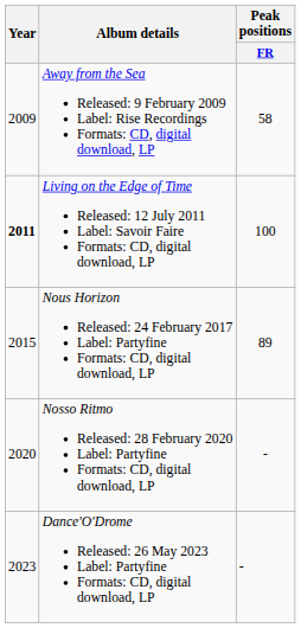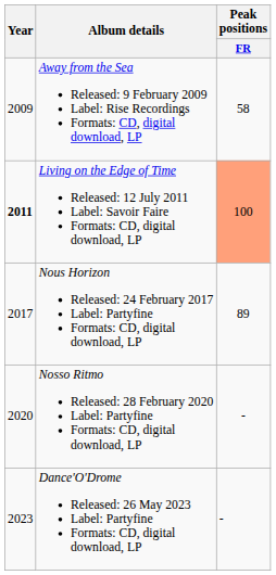 <table class="wikitable">
 <tr>
 <th align="center" rowspan="2" width="10">Year</th>
 <th align="center" rowspan="2" width="220">Album details</th>
 <th align="center" colspan="1" width="20">Peak positions</th>
 </tr>
 <tr>
 <th scope="col" style="width:3em;font-size:90%;"><a href='#'>FR</a><br></th>
 </tr>
 <tr>
 <td>2009</td>
 <td><em><a href='#'>Away from the Sea</a></em><br><ul><li>Released: 9 February 2009</li><li>Label: Rise Recordings</li><li>Formats: <a href='#'>CD</a>, <a href='#'>digital download</a>, <a href='#'>LP</a></li></ul></td>
 <td style="text-align:center;">58</td>
 </tr>
 <tr>
 <td><strong>2011</strong></td>
 <td><em><a href='#'>Living on the Edge of Time</a></em><br><ul><li>Released: 12 July 2011</li><li>Label: Savoir Faire</li><li>Formats: CD, digital download, LP</li></ul></td>
-<td style="text-align:center;">100</td>
+<td style="background: lightsalmon; text-align:center;">100</td>
 </tr>
 <tr>
-<td>2015</td>
+<td>2017</td>
 <td><em>Nous Horizon</em><br><ul><li>Released: 24 February 2017</li><li>Label: Partyfine</li><li>Formats: CD, digital download, LP</li></ul></td>
 <td style="text-align:center;">89<br></td>
 </tr>
 <tr>
 <td>2020</td>
 <td><em>Nosso Ritmo</em><br><ul><li>Released: 28 February 2020</li><li>Label: Partyfine</li><li>Formats: CD, digital download, LP</li></ul></td>
 <td style="text-align:center;">-</td>
 </tr>
 <tr>
 <td>2023</td>
 <td><em>Dance'O'Drome</em><br><ul><li>Released: 26 May 2023</li><li>Label: Partyfine</li><li>Formats: CD, digital download, LP</li></ul></td>
 <td>-</td>
 </tr>
 </table>
